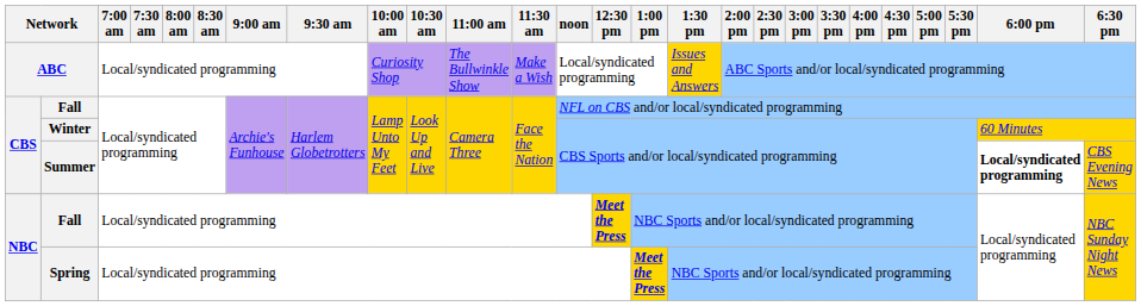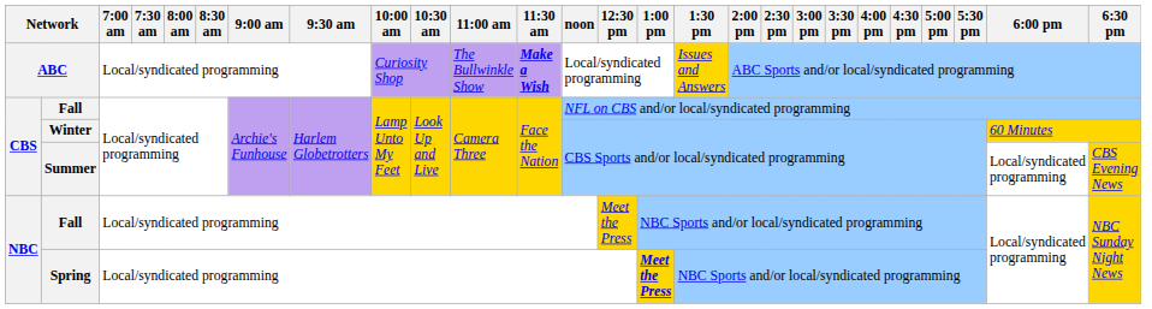 <table class=wikitable>
 <tr>
 <th width="1.5%" bgcolor="#C0C0C0" colspan="2">Network</th>
 <th width="4%" bgcolor="#C0C0C0">7:00 am</th>
 <th width="4%" bgcolor="#C0C0C0">7:30 am</th>
 <th width="4%" bgcolor="#C0C0C0">8:00 am</th>
 <th width="4%" bgcolor="#C0C0C0">8:30 am</th>
 <th width="4%" bgcolor="#C0C0C0">9:00 am</th>
 <th width="4%" bgcolor="#C0C0C0">9:30 am</th>
 <th width="4%" bgcolor="#C0C0C0">10:00 am</th>
 <th width="4%" bgcolor="#C0C0C0">10:30 am</th>
 <th width="4%" bgcolor="#C0C0C0">11:00 am</th>
 <th width="4%" bgcolor="#C0C0C0">11:30 am</th>
 <th width="4%" bgcolor="#C0C0C0">noon</th>
 <th width="4%" bgcolor="#C0C0C0">12:30 pm</th>
 <th width="4%" bgcolor="#C0C0C0">1:00 pm</th>
 <th width="4%" bgcolor="#C0C0C0">1:30 pm</th>
 <th width="4%" bgcolor="#C0C0C0">2:00 pm</th>
 <th width="4%" bgcolor="#C0C0C0">2:30 pm</th>
 <th width="4%" bgcolor="#C0C0C0">3:00 pm</th>
 <th width="4%" bgcolor="#C0C0C0">3:30 pm</th>
 <th width="4%" bgcolor="#C0C0C0">4:00 pm</th>
 <th width="4%" bgcolor="#C0C0C0">4:30 pm</th>
 <th width="4%" bgcolor="#C0C0C0">5:00 pm</th>
 <th width="4%" bgcolor="#C0C0C0">5:30 pm</th>
 <th width="4%" bgcolor="#C0C0C0">6:00 pm</th>
 <th width="4%" bgcolor="#C0C0C0">6:30 pm</th>
 </tr>
 <tr>
 <th bgcolor="#C0C0C0" colspan="2"><a href='#'>ABC</a></th>
 <td bgcolor="white" colspan="6">Local/syndicated programming</td>
 <td bgcolor="bf9fef"colspan="2"><em><a href='#'>Curiosity Shop</a></em> </td>
 <td bgcolor="bf9fef"><em><a href='#'>The Bullwinkle Show</a></em> </td>
-<td bgcolor="bf9fef"><em><a href='#'>Make a Wish</a></em></td>
+<td bgcolor="bf9fef"><strong><em><a href='#'>Make a Wish</a></em></strong></td>
 <td bgcolor="white"colspan="3">Local/syndicated programming</td>
 <td bgcolor="gold"><em><a href='#'>Issues and Answers</a></em></td>
 <td bgcolor="99ccff"colspan="10"><a href='#'>ABC Sports</a> and/or local/syndicated programming</td>
 </tr>
 <tr>
 <th bgcolor="#C0C0C0" rowspan="3"><a href='#'>CBS</a></th>
 <th>Fall</th>
 <td bgcolor="white" rowspan="3"colspan="4">Local/syndicated programming</td>
 <td bgcolor="bf9fef"rowspan="3"><em><a href='#'>Archie's Funhouse</a></em> </td>
 <td bgcolor="bf9fef"rowspan="3"><em><a href='#'>Harlem Globetrotters</a></em> </td>
 <td bgcolor="gold"rowspan="3"><em><a href='#'>Lamp Unto My Feet</a></em></td>
 <td bgcolor="gold"rowspan="3"><em><a href='#'>Look Up and Live</a></em></td>
 <td bgcolor="gold"rowspan="3"><em><a href='#'>Camera Three</a></em></td>
 <td bgcolor="gold"rowspan="3"><em><a href='#'>Face the Nation</a></em></td>
 <td bgcolor="99ccff" colspan="14" rowspan="1"><em><a href='#'>NFL on CBS</a></em> and/or local/syndicated programming</td>
 </tr>
 <tr>
 <th>Winter</th>
 <td bgcolor="99ccff"colspan="12" rowspan=2><a href='#'>CBS Sports</a> and/or local/syndicated programming</td>
 <td bgcolor="gold" colspan=2><em><a href='#'>60 Minutes</a></em></td>
 </tr>
 <tr>
 <th>Summer</th>
-<td bgcolor=white><strong>Local/syndicated programming</strong></td>
+<td bgcolor=white>Local/syndicated programming</td>
 <td bgcolor=gold><em><a href='#'>CBS Evening News</a></em></td>
 </tr>
 <tr>
 <th bgcolor="#C0C0C0" rowspan="2"><a href='#'>NBC</a></th>
 <th>Fall</th>
 <td bgcolor="white" rowspan="1"colspan="11">Local/syndicated programming</td>
-<td bgcolor="gold"rowspan="1"><strong><em><a href='#'>Meet the Press</a></em></strong></td>
+<td bgcolor="gold"rowspan="1"><em><a href='#'>Meet the Press</a></em></td>
 <td bgcolor="99ccff" rowspan="1"colspan="10"><a href='#'>NBC Sports</a> and/or local/syndicated programming</td>
 <td bgcolor="white"rowspan="2">Local/syndicated programming</td>
 <td bgcolor="gold"rowspan="2"><em><a href='#'>NBC Sunday Night News</a></em></td>
 </tr>
 <tr>
 <th>Spring</th>
 <td bgcolor="white"colspan="12">Local/syndicated programming</td>
 <td bgcolor="gold"><strong><em><a href='#'>Meet the Press</a></em></strong></td>
 <td bgcolor="99ccff"colspan="9"><a href='#'>NBC Sports</a> and/or local/syndicated programming</td>
 </tr>
 </table>
